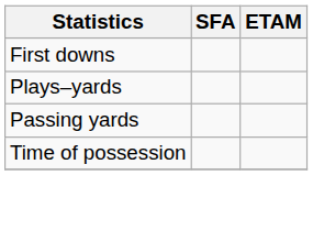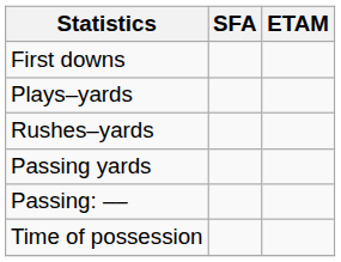 <table class="wikitable" style="float: left;">
 <tr>
 <th>Statistics</th>
 <th>SFA</th>
 <th>ETAM</th>
 </tr>
 <tr>
 <td>First downs</td>
 <td></td>
 <td></td>
 </tr>
 <tr>
 <td>Plays–yards</td>
 <td></td>
 <td></td>
 </tr>
 <tr>
+<td>Rushes–yards</td>
+<td></td>
+<td></td>
+</tr>
+<tr>
 <td>Passing yards</td>
+<td></td>
+<td></td>
+</tr>
+<tr>
+<td>Passing: ––</td>
 <td></td>
 <td></td>
 </tr>
 <tr>
 <td>Time of possession</td>
 <td></td>
 <td></td>
 </tr>
 <tr>
 </tr>
 </table>
